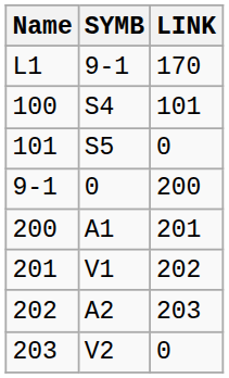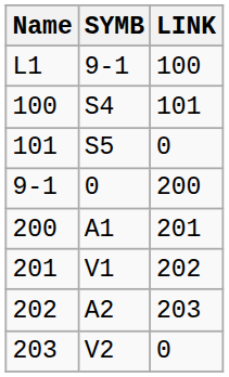 <table style="font-family:monospace; margin: 1em auto" class="wikitable">
 <tr>
 <th>Name</th>
 <th>SYMB</th>
 <th>LINK</th>
 </tr>
 <tr>
 <td>L1</td>
 <td>9-1</td>
-<td>170</td>
+<td>100</td>
 </tr>
 <tr>
 <td>100</td>
 <td>S4</td>
 <td>101</td>
 </tr>
 <tr>
 <td>101</td>
 <td>S5</td>
 <td>0</td>
 </tr>
 <tr>
 <td>9-1</td>
 <td>0</td>
 <td>200</td>
 </tr>
 <tr>
 <td>200</td>
 <td>A1</td>
 <td>201</td>
 </tr>
 <tr>
 <td>201</td>
 <td>V1</td>
 <td>202</td>
 </tr>
 <tr>
 <td>202</td>
 <td>A2</td>
 <td>203</td>
 </tr>
 <tr>
 <td>203</td>
 <td>V2</td>
 <td>0</td>
 </tr>
 </table>
